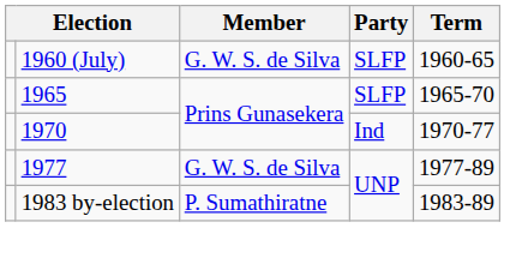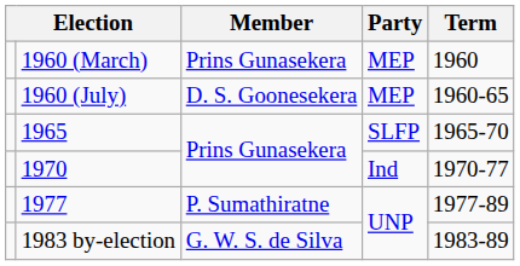 <table class="wikitable">
 <tr>
 <th colspan="2">Election</th>
 <th>Member</th>
 <th>Party</th>
 <th>Term</th>
 </tr>
 <tr>
 <td style="background-color: "></td>
+<td><a href='#'>1960 (March)</a></td>
+<td><a href='#'>Prins Gunasekera</a></td>
+<td><a href='#'>MEP</a></td>
+<td>1960</td>
+</tr>
+<tr>
+<td style="background-color: "></td>
 <td><a href='#'>1960 (July)</a></td>
-<td><a href='#'>G. W. S. de Silva</a></td>
-<td><a href='#'>SLFP</a></td>
+<td><a href='#'>D. S. Goonesekera</a></td>
+<td><a href='#'>MEP</a></td>
 <td>1960-65</td>
 </tr>
 <tr>
 <td style="background-color: "></td>
 <td><a href='#'>1965</a></td>
 <td rowspan=2><a href='#'>Prins Gunasekera</a></td>
 <td><a href='#'>SLFP</a></td>
 <td>1965-70</td>
 </tr>
 <tr>
 <td style="background-color: "></td>
 <td><a href='#'>1970</a></td>
 <td><a href='#'>Ind</a></td>
 <td>1970-77</td>
 </tr>
 <tr>
 <td style="background-color: "></td>
 <td><a href='#'>1977</a></td>
-<td><a href='#'>G. W. S. de Silva</a></td>
+<td><a href='#'>P. Sumathiratne</a></td>
 <td rowspan="2"><a href='#'>UNP</a></td>
 <td>1977-89</td>
 </tr>
 <tr>
 <td style="background-color: "></td>
 <td>1983 by-election</td>
-<td><a href='#'>P. Sumathiratne</a></td>
+<td><a href='#'>G. W. S. de Silva</a></td>
 <td>1983-89</td>
 </tr>
 </table>
